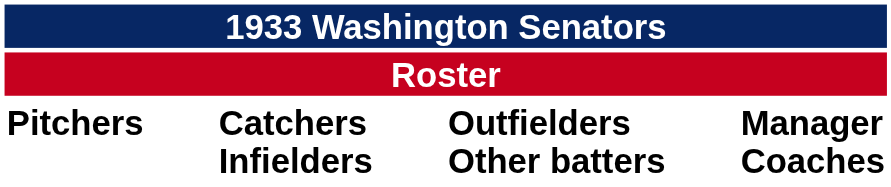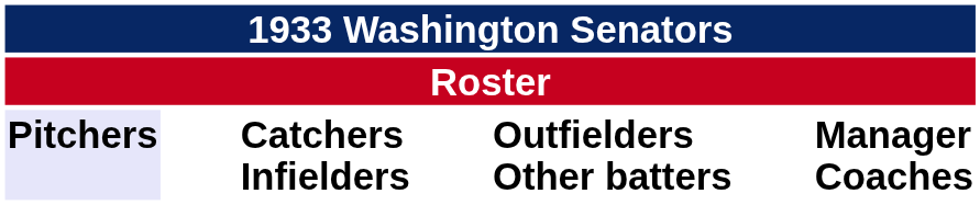 <table class="toccolours" style="font-size: 95%;">
 <tr>
 <th colspan="10" style="background-color: #072764; color: white; text-align: center;">1933 Washington Senators</th>
 </tr>
 <tr>
 <td colspan="10" style="background-color: #c6011f; color: white; text-align: center;"><strong>Roster</strong></td>
 </tr>
 <tr>
-<td valign="top"><strong>Pitchers</strong><br>             </td>
+<td valign="top" style="background: lavender;"><strong>Pitchers</strong><br>             </td>
 <td width="25px"></td>
 <td valign="top"><strong>Catchers</strong><br>   <strong>Infielders</strong>       </td>
 <td width="25px"></td>
 <td valign="top"><strong>Outfielders</strong><br>     <strong>Other batters</strong> </td>
 <td width="25px"></td>
 <td valign="top"><strong>Manager</strong><br> <strong>Coaches</strong>  </td>
 </tr>
 <tr>
 </tr>
 </table>
